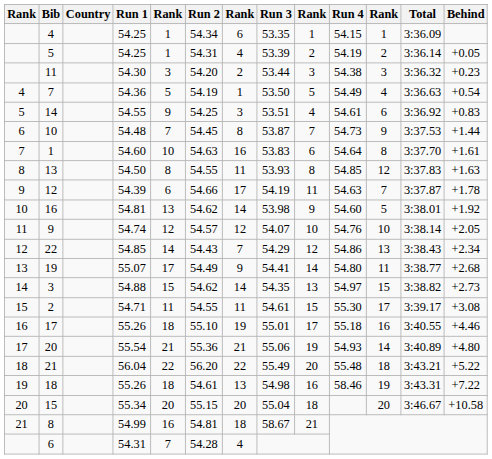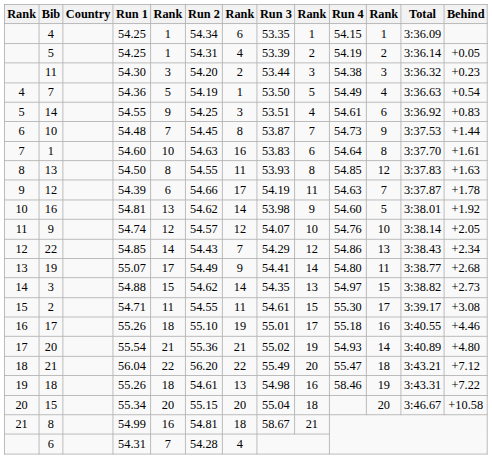 <table class="wikitable sortable" style="text-align:center">
 <tr>
 <th>Rank</th>
 <th>Bib</th>
 <th>Country</th>
 <th>Run 1</th>
 <th>Rank</th>
 <th>Run 2</th>
 <th>Rank</th>
 <th>Run 3</th>
 <th>Rank</th>
 <th>Run 4</th>
 <th>Rank</th>
 <th>Total</th>
 <th>Behind</th>
 </tr>
 <tr>
 <td></td>
 <td>4</td>
 <td align=left></td>
 <td>54.25</td>
 <td>1</td>
 <td>54.34</td>
 <td>6</td>
 <td>53.35</td>
 <td>1</td>
 <td>54.15</td>
 <td>1</td>
 <td>3:36.09</td>
 <td></td>
 </tr>
 <tr>
 <td></td>
 <td>5</td>
 <td align=left></td>
 <td>54.25</td>
 <td>1</td>
 <td>54.31</td>
 <td>4</td>
 <td>53.39</td>
 <td>2</td>
 <td>54.19</td>
 <td>2</td>
 <td>3:36.14</td>
 <td>+0.05</td>
 </tr>
 <tr>
 <td></td>
 <td>11</td>
 <td align=left></td>
 <td>54.30</td>
 <td>3</td>
 <td>54.20</td>
 <td>2</td>
 <td>53.44</td>
 <td>3</td>
 <td>54.38</td>
 <td>3</td>
 <td>3:36.32</td>
 <td>+0.23</td>
 </tr>
 <tr>
 <td>4</td>
 <td>7</td>
 <td align=left></td>
 <td>54.36</td>
 <td>5</td>
 <td>54.19</td>
 <td>1</td>
 <td>53.50</td>
 <td>5</td>
 <td>54.49</td>
 <td>4</td>
 <td>3:36.63</td>
 <td>+0.54</td>
 </tr>
 <tr>
 <td>5</td>
 <td>14</td>
 <td align=left></td>
 <td>54.55</td>
 <td>9</td>
 <td>54.25</td>
 <td>3</td>
 <td>53.51</td>
 <td>4</td>
 <td>54.61</td>
 <td>6</td>
 <td>3:36.92</td>
 <td>+0.83</td>
 </tr>
 <tr>
 <td>6</td>
 <td>10</td>
 <td align=left></td>
 <td>54.48</td>
 <td>7</td>
 <td>54.45</td>
 <td>8</td>
 <td>53.87</td>
 <td>7</td>
 <td>54.73</td>
 <td>9</td>
 <td>3:37.53</td>
 <td>+1.44</td>
 </tr>
 <tr>
 <td>7</td>
 <td>1</td>
 <td align=left></td>
 <td>54.60</td>
 <td>10</td>
 <td>54.63</td>
 <td>16</td>
 <td>53.83</td>
 <td>6</td>
 <td>54.64</td>
 <td>8</td>
 <td>3:37.70</td>
 <td>+1.61</td>
 </tr>
 <tr>
 <td>8</td>
 <td>13</td>
 <td align=left></td>
 <td>54.50</td>
 <td>8</td>
 <td>54.55</td>
 <td>11</td>
 <td>53.93</td>
 <td>8</td>
 <td>54.85</td>
 <td>12</td>
 <td>3:37.83</td>
 <td>+1.63</td>
 </tr>
 <tr>
 <td>9</td>
 <td>12</td>
 <td align=left></td>
 <td>54.39</td>
 <td>6</td>
 <td>54.66</td>
 <td>17</td>
 <td>54.19</td>
 <td>11</td>
 <td>54.63</td>
 <td>7</td>
 <td>3:37.87</td>
 <td>+1.78</td>
 </tr>
 <tr>
 <td>10</td>
 <td>16</td>
 <td align=left></td>
 <td>54.81</td>
 <td>13</td>
 <td>54.62</td>
 <td>14</td>
 <td>53.98</td>
 <td>9</td>
 <td>54.60</td>
 <td>5</td>
 <td>3:38.01</td>
 <td>+1.92</td>
 </tr>
 <tr>
 <td>11</td>
 <td>9</td>
 <td align=left></td>
 <td>54.74</td>
 <td>12</td>
 <td>54.57</td>
 <td>12</td>
 <td>54.07</td>
 <td>10</td>
 <td>54.76</td>
 <td>10</td>
 <td>3:38.14</td>
 <td>+2.05</td>
 </tr>
 <tr>
 <td>12</td>
 <td>22</td>
 <td align=left></td>
 <td>54.85</td>
 <td>14</td>
 <td>54.43</td>
 <td>7</td>
 <td>54.29</td>
 <td>12</td>
 <td>54.86</td>
 <td>13</td>
 <td>3:38.43</td>
 <td>+2.34</td>
 </tr>
 <tr>
 <td>13</td>
 <td>19</td>
 <td align=left></td>
 <td>55.07</td>
 <td>17</td>
 <td>54.49</td>
 <td>9</td>
 <td>54.41</td>
 <td>14</td>
 <td>54.80</td>
 <td>11</td>
 <td>3:38.77</td>
 <td>+2.68</td>
 </tr>
 <tr>
 <td>14</td>
 <td>3</td>
 <td align=left></td>
 <td>54.88</td>
 <td>15</td>
 <td>54.62</td>
 <td>14</td>
 <td>54.35</td>
 <td>13</td>
 <td>54.97</td>
 <td>15</td>
 <td>3:38.82</td>
 <td>+2.73</td>
 </tr>
 <tr>
 <td>15</td>
 <td>2</td>
 <td align=left></td>
 <td>54.71</td>
 <td>11</td>
 <td>54.55</td>
 <td>11</td>
 <td>54.61</td>
 <td>15</td>
 <td>55.30</td>
 <td>17</td>
 <td>3:39.17</td>
 <td>+3.08</td>
 </tr>
 <tr>
 <td>16</td>
 <td>17</td>
 <td align=left></td>
 <td>55.26</td>
 <td>18</td>
 <td>55.10</td>
 <td>19</td>
 <td>55.01</td>
 <td>17</td>
 <td>55.18</td>
 <td>16</td>
 <td>3:40.55</td>
 <td>+4.46</td>
 </tr>
 <tr>
 <td>17</td>
 <td>20</td>
 <td align=left></td>
 <td>55.54</td>
 <td>21</td>
 <td>55.36</td>
 <td>21</td>
-<td>55.06</td>
+<td>55.02</td>
 <td>19</td>
 <td>54.93</td>
 <td>14</td>
 <td>3:40.89</td>
 <td>+4.80</td>
 </tr>
 <tr>
 <td>18</td>
 <td>21</td>
 <td align=left></td>
 <td>56.04</td>
 <td>22</td>
 <td>56.20</td>
 <td>22</td>
 <td>55.49</td>
 <td>20</td>
-<td>55.48</td>
+<td>55.47</td>
 <td>18</td>
 <td>3:43.21</td>
-<td>+5.22</td>
+<td>+7.12</td>
 </tr>
 <tr>
 <td>19</td>
 <td>18</td>
 <td align=left></td>
 <td>55.26</td>
 <td>18</td>
 <td>54.61</td>
 <td>13</td>
 <td>54.98</td>
 <td>16</td>
 <td>58.46</td>
 <td>19</td>
 <td>3:43.31</td>
 <td>+7.22</td>
 </tr>
 <tr>
 <td>20</td>
 <td>15</td>
 <td align=left></td>
 <td>55.34</td>
 <td>20</td>
 <td>55.15</td>
 <td>20</td>
 <td>55.04</td>
 <td>18</td>
 <td></td>
 <td>20</td>
 <td>3:46.67</td>
 <td>+10.58</td>
 </tr>
 <tr>
 <td>21</td>
 <td>8</td>
 <td align=left></td>
 <td>54.99</td>
 <td>16</td>
 <td>54.81</td>
 <td>18</td>
 <td>58.67</td>
 <td>21</td>
 <td colspan=4 rowspan=2></td>
 </tr>
 <tr>
 <td></td>
 <td>6</td>
 <td align=left></td>
 <td>54.31</td>
 <td>7</td>
 <td>54.28</td>
 <td>4</td>
 <td colspan=2></td>
 </tr>
 </table>
